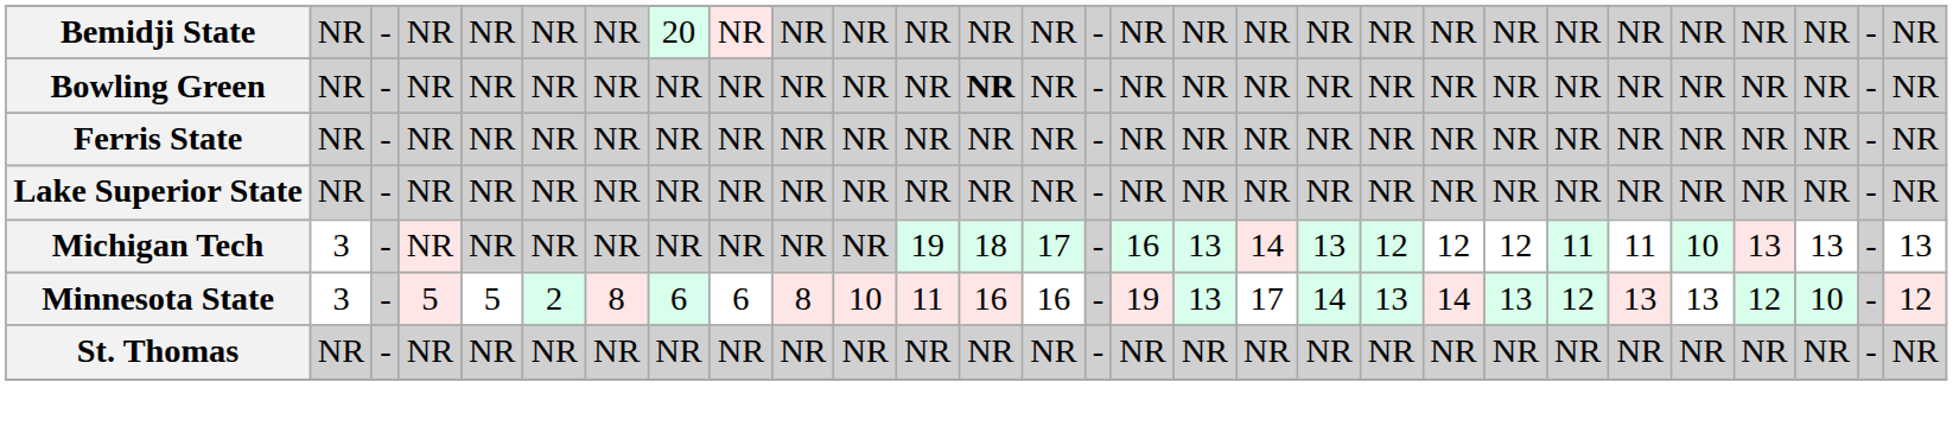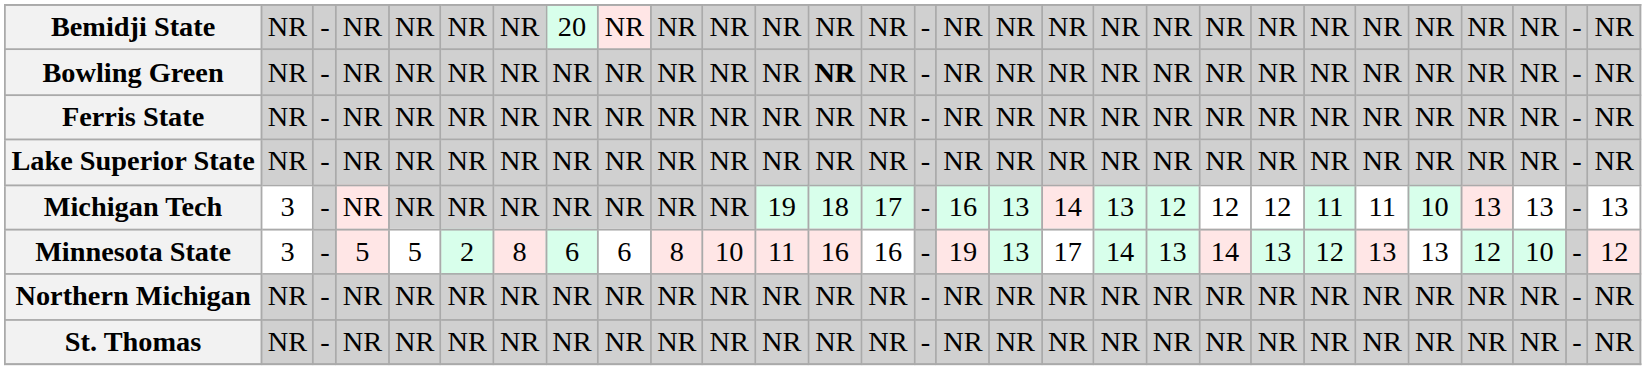 <table class="wikitable sortable" style="text-align: center;">
 <tr>
 </tr>
 <tr bgcolor=d0d0d0>
 <th>Bemidji State</th>
 <td>NR</td>
 <td>-</td>
 <td>NR</td>
 <td>NR</td>
 <td>NR</td>
 <td>NR</td>
 <td bgcolor=D8FFEB>20</td>
 <td bgcolor=FFE6E6>NR</td>
 <td>NR</td>
 <td>NR</td>
 <td>NR</td>
 <td>NR</td>
 <td>NR</td>
 <td>-</td>
 <td>NR</td>
 <td>NR</td>
 <td>NR</td>
 <td>NR</td>
 <td>NR</td>
 <td>NR</td>
 <td>NR</td>
 <td>NR</td>
 <td>NR</td>
 <td>NR</td>
 <td>NR</td>
 <td>NR</td>
 <td>-</td>
 <td>NR</td>
 </tr>
 <tr bgcolor=d0d0d0>
 <th>Bowling Green</th>
 <td>NR</td>
 <td>-</td>
 <td>NR</td>
 <td>NR</td>
 <td>NR</td>
 <td>NR</td>
 <td>NR</td>
 <td>NR</td>
 <td>NR</td>
 <td>NR</td>
 <td>NR</td>
 <td><strong>NR</strong></td>
 <td>NR</td>
 <td>-</td>
 <td>NR</td>
 <td>NR</td>
 <td>NR</td>
 <td>NR</td>
 <td>NR</td>
 <td>NR</td>
 <td>NR</td>
 <td>NR</td>
 <td>NR</td>
 <td>NR</td>
 <td>NR</td>
 <td>NR</td>
 <td>-</td>
 <td>NR</td>
 </tr>
 <tr bgcolor=d0d0d0>
 <th>Ferris State</th>
 <td>NR</td>
 <td>-</td>
 <td>NR</td>
 <td>NR</td>
 <td>NR</td>
 <td>NR</td>
 <td>NR</td>
 <td>NR</td>
 <td>NR</td>
 <td>NR</td>
 <td>NR</td>
 <td>NR</td>
 <td>NR</td>
 <td>-</td>
 <td>NR</td>
 <td>NR</td>
 <td>NR</td>
 <td>NR</td>
 <td>NR</td>
 <td>NR</td>
 <td>NR</td>
 <td>NR</td>
 <td>NR</td>
 <td>NR</td>
 <td>NR</td>
 <td>NR</td>
 <td>-</td>
 <td>NR</td>
 </tr>
 <tr bgcolor=d0d0d0>
 <th>Lake Superior State</th>
 <td>NR</td>
 <td>-</td>
 <td>NR</td>
 <td>NR</td>
 <td>NR</td>
 <td>NR</td>
 <td>NR</td>
 <td>NR</td>
 <td>NR</td>
 <td>NR</td>
 <td>NR</td>
 <td>NR</td>
 <td>NR</td>
 <td>-</td>
 <td>NR</td>
 <td>NR</td>
 <td>NR</td>
 <td>NR</td>
 <td>NR</td>
 <td>NR</td>
 <td>NR</td>
 <td>NR</td>
 <td>NR</td>
 <td>NR</td>
 <td>NR</td>
 <td>NR</td>
 <td>-</td>
 <td>NR</td>
 </tr>
 <tr bgcolor=d0d0d0>
 <th>Michigan Tech</th>
 <td bgcolor=ffffff>3</td>
 <td>-</td>
 <td bgcolor=FFE6E6>NR</td>
 <td>NR</td>
 <td>NR</td>
 <td>NR</td>
 <td>NR</td>
 <td>NR</td>
 <td>NR</td>
 <td>NR</td>
 <td bgcolor=D8FFEB>19</td>
 <td bgcolor=D8FFEB>18</td>
 <td bgcolor=D8FFEB>17</td>
 <td>-</td>
 <td bgcolor=D8FFEB>16</td>
 <td bgcolor=D8FFEB>13</td>
 <td bgcolor=FFE6E6>14</td>
 <td bgcolor=D8FFEB>13</td>
 <td bgcolor=D8FFEB>12</td>
 <td bgcolor=ffffff>12</td>
 <td bgcolor=ffffff>12</td>
 <td bgcolor=D8FFEB>11</td>
 <td bgcolor=ffffff>11</td>
 <td bgcolor=D8FFEB>10</td>
 <td bgcolor=FFE6E6>13</td>
 <td bgcolor=ffffff>13</td>
 <td>-</td>
 <td bgcolor=ffffff>13</td>
 </tr>
 <tr bgcolor=d0d0d0>
 <th>Minnesota State</th>
 <td bgcolor=ffffff>3</td>
 <td>-</td>
 <td bgcolor=FFE6E6>5</td>
 <td bgcolor=ffffff>5</td>
 <td bgcolor=D8FFEB>2</td>
 <td bgcolor=FFE6E6>8</td>
 <td bgcolor=D8FFEB>6</td>
 <td bgcolor=ffffff>6</td>
 <td bgcolor=FFE6E6>8</td>
 <td bgcolor=FFE6E6>10</td>
 <td bgcolor=FFE6E6>11</td>
 <td bgcolor=FFE6E6>16</td>
 <td bgcolor=ffffff>16</td>
 <td>-</td>
 <td bgcolor=FFE6E6>19</td>
 <td bgcolor=D8FFEB>13</td>
 <td bgcolor=ffffff>17</td>
 <td bgcolor=D8FFEB>14</td>
 <td bgcolor=D8FFEB>13</td>
 <td bgcolor=FFE6E6>14</td>
 <td bgcolor=D8FFEB>13</td>
 <td bgcolor=D8FFEB>12</td>
 <td bgcolor=FFE6E6>13</td>
 <td bgcolor=ffffff>13</td>
 <td bgcolor=D8FFEB>12</td>
 <td bgcolor=D8FFEB>10</td>
 <td>-</td>
 <td bgcolor=FFE6E6>12</td>
 </tr>
 <tr bgcolor=d0d0d0>
+<th>Northern Michigan</th>
+<td>NR</td>
+<td>-</td>
+<td>NR</td>
+<td>NR</td>
+<td>NR</td>
+<td>NR</td>
+<td>NR</td>
+<td>NR</td>
+<td>NR</td>
+<td>NR</td>
+<td>NR</td>
+<td>NR</td>
+<td>NR</td>
+<td>-</td>
+<td>NR</td>
+<td>NR</td>
+<td>NR</td>
+<td>NR</td>
+<td>NR</td>
+<td>NR</td>
+<td>NR</td>
+<td>NR</td>
+<td>NR</td>
+<td>NR</td>
+<td>NR</td>
+<td>NR</td>
+<td>-</td>
+<td>NR</td>
+</tr>
+<tr bgcolor=d0d0d0>
 <th>St. Thomas</th>
 <td>NR</td>
 <td>-</td>
 <td>NR</td>
 <td>NR</td>
 <td>NR</td>
 <td>NR</td>
 <td>NR</td>
 <td>NR</td>
 <td>NR</td>
 <td>NR</td>
 <td>NR</td>
 <td>NR</td>
 <td>NR</td>
 <td>-</td>
 <td>NR</td>
 <td>NR</td>
 <td>NR</td>
 <td>NR</td>
 <td>NR</td>
 <td>NR</td>
 <td>NR</td>
 <td>NR</td>
 <td>NR</td>
 <td>NR</td>
 <td>NR</td>
 <td>NR</td>
 <td>-</td>
 <td>NR</td>
 </tr>
 <tr>
 </tr>
 </table>
